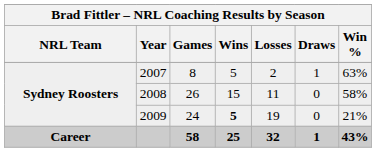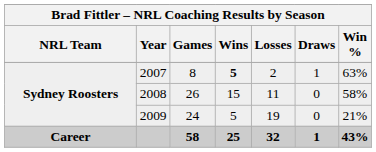 <table class="wikitable">
 <tr border=1 cellpadding=5 cellspacing=0|- align=center style="background:#EFEFEF;">
 </tr>
 <tr>
 <th colspan="7"><strong>Brad Fittler – NRL Coaching Results by Season</strong></th>
 </tr>
 <tr>
 <th width="150">NRL Team</th>
 <th width="20">Year</th>
 <th width="20">Games</th>
 <th width="20">Wins</th>
 <th width="20">Losses</th>
 <th width="20">Draws</th>
 <th width="20">Win %</th>
 </tr>
 <tr align=center>
 </tr>
 <tr align=center style="background:#EFEFEF;">
 <td rowspan="3"><strong>Sydney Roosters</strong></td>
 <td>2007</td>
 <td>8</td>
-<td>5</td>
+<td><strong>5</strong></td>
 <td>2</td>
 <td>1</td>
 <td>63%</td>
 </tr>
 <tr align=center style="background:#EFEFEF;">
 <td>2008</td>
 <td>26</td>
 <td>15</td>
 <td>11</td>
 <td>0</td>
 <td>58%</td>
 </tr>
 <tr align=center style="background:#EFEFEF;">
 <td>2009</td>
 <td>24</td>
-<td><strong>5</strong></td>
+<td>5</td>
 <td>19</td>
 <td>0</td>
 <td>21%</td>
 </tr>
 <tr align=center style="background:#CCCCCC;">
 <td rowspan="1"><strong>Career</strong></td>
 <td></td>
 <td><strong>58</strong></td>
 <td><strong>25</strong></td>
 <td><strong>32</strong></td>
 <td><strong>1</strong></td>
 <td><strong>43%</strong></td>
 </tr>
 </table>
